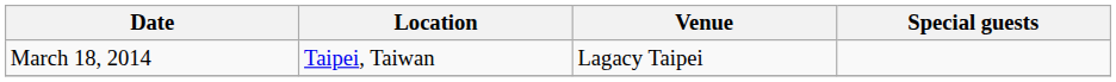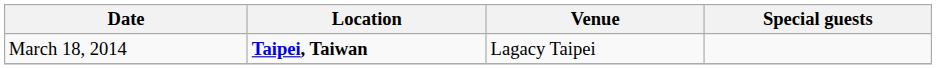 <table class="wikitable" style="width:800px;">
 <tr>
 <th align="left">Date</th>
 <th align="left">Location</th>
 <th align="left">Venue</th>
 <th align="left">Special guests</th>
 </tr>
 <tr>
 <td align="left">March 18, 2014</td>
-<td align="left"><a href='#'>Taipei</a>, Taiwan</td>
+<td align="left"><strong><a href='#'>Taipei</a>, Taiwan</strong></td>
 <td align="left">Lagacy Taipei</td>
 <td align="left"></td>
 </tr>
 <tr>
 </tr>
 </table>
